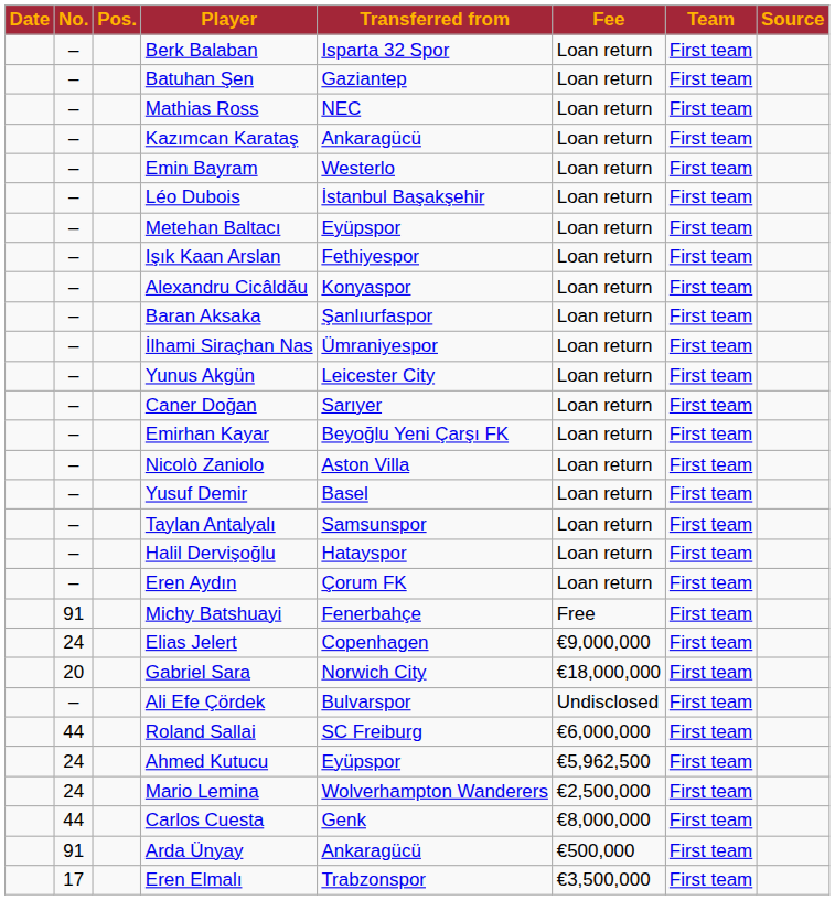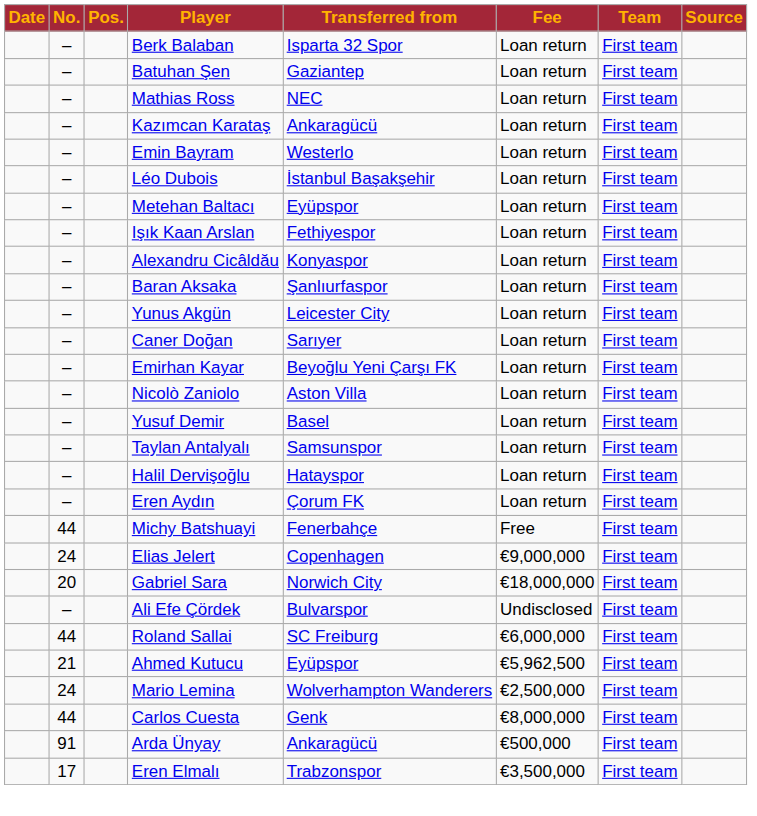 <table class="wikitable plainrowheaders sortable">
 <tr>
 <th style="background:#A32638; color:#FFB300; ">Date</th>
 <th style="background:#A32638; color:#FFB300; ">No.</th>
 <th style="background:#A32638; color:#FFB300; ">Pos.</th>
 <th style="background:#A32638; color:#FFB300; ">Player</th>
 <th style="background:#A32638; color:#FFB300; ">Transferred from</th>
 <th style="background:#A32638; color:#FFB300; ">Fee</th>
 <th style="background:#A32638; color:#FFB300; ">Team</th>
 <th style="background:#A32638; color:#FFB300; ">Source</th>
 </tr>
 <tr>
 <td></td>
 <td align=center>–</td>
 <td align=center></td>
 <td> <a href='#'>Berk Balaban</a></td>
 <td> <a href='#'>Isparta 32 Spor</a></td>
 <td>Loan return</td>
 <td><a href='#'>First team</a></td>
 <td align=center></td>
 </tr>
 <tr>
 <td></td>
 <td align=center>–</td>
 <td align=center></td>
 <td> <a href='#'>Batuhan Şen</a></td>
 <td> <a href='#'>Gaziantep</a></td>
 <td>Loan return</td>
 <td><a href='#'>First team</a></td>
 <td align=center></td>
 </tr>
 <tr>
 <td></td>
 <td align=center>–</td>
 <td align=center></td>
 <td> <a href='#'>Mathias Ross</a></td>
 <td> <a href='#'>NEC</a></td>
 <td>Loan return</td>
 <td><a href='#'>First team</a></td>
 <td align=center></td>
 </tr>
 <tr>
 <td></td>
 <td align=center>–</td>
 <td align=center></td>
 <td> <a href='#'>Kazımcan Karataş</a></td>
 <td> <a href='#'>Ankaragücü</a></td>
 <td>Loan return</td>
 <td><a href='#'>First team</a></td>
 <td align=center></td>
 </tr>
 <tr>
 <td></td>
 <td align=center>–</td>
 <td align=center></td>
 <td> <a href='#'>Emin Bayram</a></td>
 <td> <a href='#'>Westerlo</a></td>
 <td>Loan return</td>
 <td><a href='#'>First team</a></td>
 <td align=center></td>
 </tr>
 <tr>
 <td></td>
 <td align=center>–</td>
 <td align=center></td>
 <td> <a href='#'>Léo Dubois</a></td>
 <td> <a href='#'>İstanbul Başakşehir</a></td>
 <td>Loan return</td>
 <td><a href='#'>First team</a></td>
 <td align=center></td>
 </tr>
 <tr>
 <td></td>
 <td align=center>–</td>
 <td align=center></td>
 <td> <a href='#'>Metehan Baltacı</a></td>
 <td> <a href='#'>Eyüpspor</a></td>
 <td>Loan return</td>
 <td><a href='#'>First team</a></td>
 <td align=center></td>
 </tr>
 <tr>
 <td></td>
 <td align=center>–</td>
 <td align=center></td>
 <td> <a href='#'>Işık Kaan Arslan</a></td>
 <td> <a href='#'>Fethiyespor</a></td>
 <td>Loan return</td>
 <td><a href='#'>First team</a></td>
 <td align=center></td>
 </tr>
 <tr>
 <td></td>
 <td align=center>–</td>
 <td align=center></td>
 <td> <a href='#'>Alexandru Cicâldău</a></td>
 <td> <a href='#'>Konyaspor</a></td>
 <td>Loan return</td>
 <td><a href='#'>First team</a></td>
 <td align=center></td>
 </tr>
 <tr>
 <td></td>
 <td align=center>–</td>
 <td align=center></td>
 <td> <a href='#'>Baran Aksaka</a></td>
 <td> <a href='#'>Şanlıurfaspor</a></td>
 <td>Loan return</td>
 <td><a href='#'>First team</a></td>
 <td align=center></td>
 </tr>
 <tr>
 <td></td>
 <td align=center>–</td>
 <td align=center></td>
-<td> <a href='#'>İlhami Siraçhan Nas</a></td>
-<td> <a href='#'>Ümraniyespor</a></td>
-<td>Loan return</td>
-<td><a href='#'>First team</a></td>
-<td align=center></td>
-</tr>
-<tr>
-<td></td>
-<td align=center>–</td>
-<td align=center></td>
 <td> <a href='#'>Yunus Akgün</a></td>
 <td> <a href='#'>Leicester City</a></td>
 <td>Loan return</td>
 <td><a href='#'>First team</a></td>
 <td align=center></td>
 </tr>
 <tr>
 <td></td>
 <td align=center>–</td>
 <td align=center></td>
 <td> <a href='#'>Caner Doğan</a></td>
 <td> <a href='#'>Sarıyer</a></td>
 <td>Loan return</td>
 <td><a href='#'>First team</a></td>
 <td align=center></td>
 </tr>
 <tr>
 <td></td>
 <td align=center>–</td>
 <td align=center></td>
 <td> <a href='#'>Emirhan Kayar</a></td>
 <td> <a href='#'>Beyoğlu Yeni Çarşı FK</a></td>
 <td>Loan return</td>
 <td><a href='#'>First team</a></td>
 <td align=center></td>
 </tr>
 <tr>
 <td></td>
 <td align=center>–</td>
 <td align=center></td>
 <td> <a href='#'>Nicolò Zaniolo</a></td>
 <td> <a href='#'>Aston Villa</a></td>
 <td>Loan return</td>
 <td><a href='#'>First team</a></td>
 <td align=center></td>
 </tr>
 <tr>
 <td></td>
 <td align=center>–</td>
 <td align=center></td>
 <td> <a href='#'>Yusuf Demir</a></td>
 <td> <a href='#'>Basel</a></td>
 <td>Loan return</td>
 <td><a href='#'>First team</a></td>
 <td align=center></td>
 </tr>
 <tr>
 <td></td>
 <td align=center>–</td>
 <td align=center></td>
 <td> <a href='#'>Taylan Antalyalı</a></td>
 <td> <a href='#'>Samsunspor</a></td>
 <td>Loan return</td>
 <td><a href='#'>First team</a></td>
 <td align=center></td>
 </tr>
 <tr>
 <td></td>
 <td align=center>–</td>
 <td align=center></td>
 <td> <a href='#'>Halil Dervişoğlu</a></td>
 <td> <a href='#'>Hatayspor</a></td>
 <td>Loan return</td>
 <td><a href='#'>First team</a></td>
 <td align=center></td>
 </tr>
 <tr>
 <td></td>
 <td align=center>–</td>
 <td align=center></td>
 <td> <a href='#'>Eren Aydın</a></td>
 <td> <a href='#'>Çorum FK</a></td>
 <td>Loan return</td>
 <td><a href='#'>First team</a></td>
 <td align=center></td>
 </tr>
 <tr>
 <td></td>
-<td align=center>91</td>
+<td align=center>44</td>
 <td align=center></td>
 <td> <a href='#'>Michy Batshuayi</a></td>
 <td> <a href='#'>Fenerbahçe</a></td>
 <td>Free</td>
 <td><a href='#'>First team</a></td>
 <td align=center></td>
 </tr>
 <tr>
 <td></td>
 <td align=center>24</td>
 <td align=center></td>
 <td> <a href='#'>Elias Jelert</a></td>
 <td> <a href='#'>Copenhagen</a></td>
 <td>€9,000,000</td>
 <td><a href='#'>First team</a></td>
 <td align=center></td>
 </tr>
 <tr>
 <td></td>
 <td align=center>20</td>
 <td align=center></td>
 <td> <a href='#'>Gabriel Sara</a></td>
 <td> <a href='#'>Norwich City</a></td>
 <td>€18,000,000</td>
 <td><a href='#'>First team</a></td>
 <td align=center></td>
 </tr>
 <tr>
 <td></td>
 <td align=center>–</td>
 <td align=center></td>
 <td> <a href='#'>Ali Efe Çördek</a></td>
 <td> <a href='#'>Bulvarspor</a></td>
 <td>Undisclosed</td>
 <td><a href='#'>First team</a></td>
 <td align=center></td>
 </tr>
 <tr>
 <td></td>
 <td align=center>44</td>
 <td align=center></td>
 <td> <a href='#'>Roland Sallai</a></td>
 <td> <a href='#'>SC Freiburg</a></td>
 <td>€6,000,000</td>
 <td><a href='#'>First team</a></td>
 <td align=center></td>
 </tr>
 <tr>
 <td></td>
-<td align=center>24</td>
+<td align=center>21</td>
 <td align=center></td>
 <td>  <a href='#'>Ahmed Kutucu</a></td>
 <td> <a href='#'>Eyüpspor</a></td>
 <td>€5,962,500</td>
 <td><a href='#'>First team</a></td>
 <td align=center></td>
 </tr>
 <tr>
 <td></td>
 <td align=center>24</td>
 <td align=center></td>
 <td> <a href='#'>Mario Lemina</a></td>
 <td> <a href='#'>Wolverhampton Wanderers</a></td>
 <td>€2,500,000</td>
 <td><a href='#'>First team</a></td>
 <td align=center></td>
 </tr>
 <tr>
 <td></td>
 <td align=center>44</td>
 <td align=center></td>
 <td> <a href='#'>Carlos Cuesta</a></td>
 <td> <a href='#'>Genk</a></td>
 <td>€8,000,000</td>
 <td><a href='#'>First team</a></td>
 <td align=center></td>
 </tr>
 <tr>
 <td></td>
 <td align=center>91</td>
 <td align=center></td>
 <td> <a href='#'>Arda Ünyay</a></td>
 <td> <a href='#'>Ankaragücü</a></td>
 <td>€500,000</td>
 <td><a href='#'>First team</a></td>
 <td align=center></td>
 </tr>
 <tr>
 <td></td>
 <td align=center>17</td>
 <td align=center></td>
 <td> <a href='#'>Eren Elmalı</a></td>
 <td> <a href='#'>Trabzonspor</a></td>
 <td>€3,500,000</td>
 <td><a href='#'>First team</a></td>
 <td align=center></td>
 </tr>
 </table>
